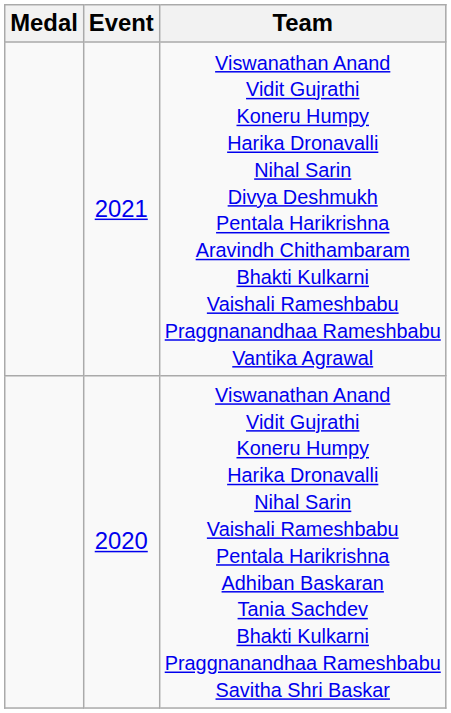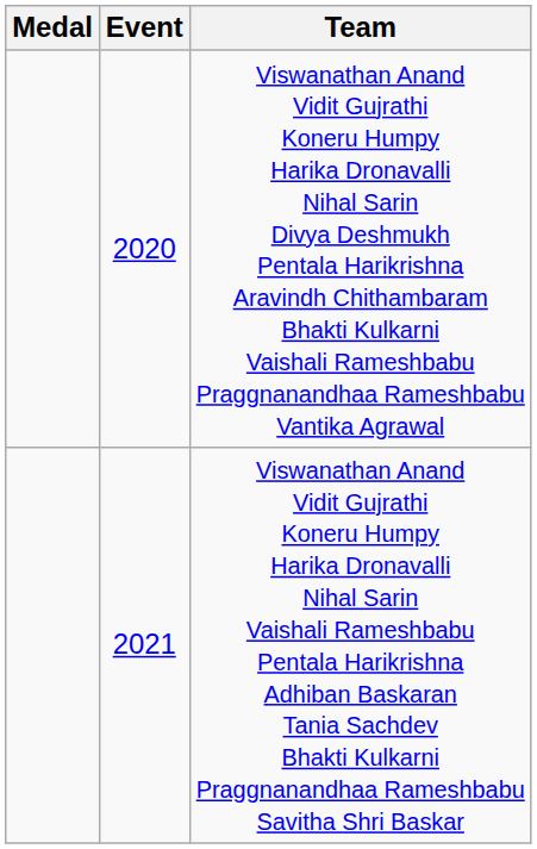 <table class="wikitable sortable" style="text-align:center">
 <tr>
 <th>Medal</th>
 <th>Event</th>
 <th>Team</th>
 </tr>
 <tr>
 <td></td>
-<td><a href='#'>2021</a></td>
+<td><a href='#'>2020</a></td>
 <td><small><a href='#'>Viswanathan Anand</a><br><a href='#'>Vidit Gujrathi</a><br><a href='#'>Koneru Humpy</a><br><a href='#'>Harika Dronavalli</a><br><a href='#'>Nihal Sarin</a><br><a href='#'>Divya Deshmukh</a><br><a href='#'>Pentala Harikrishna</a><br><a href='#'>Aravindh Chithambaram</a><br><a href='#'>Bhakti Kulkarni</a><br><a href='#'>Vaishali Rameshbabu</a><br><a href='#'>Praggnanandhaa Rameshbabu</a><br><a href='#'>Vantika Agrawal</a></small></td>
 </tr>
 <tr>
 <td></td>
-<td><a href='#'>2020</a></td>
+<td><a href='#'>2021</a></td>
 <td><small><a href='#'>Viswanathan Anand</a><br><a href='#'>Vidit Gujrathi</a><br><a href='#'>Koneru Humpy</a><br><a href='#'>Harika Dronavalli</a><br><a href='#'>Nihal Sarin</a><br><a href='#'>Vaishali Rameshbabu</a><br><a href='#'>Pentala Harikrishna</a><br><a href='#'>Adhiban Baskaran</a><br><a href='#'>Tania Sachdev</a><br><a href='#'>Bhakti Kulkarni</a><br><a href='#'>Praggnanandhaa Rameshbabu</a><br><a href='#'>Savitha Shri Baskar</a></small></td>
 </tr>
 </table>
